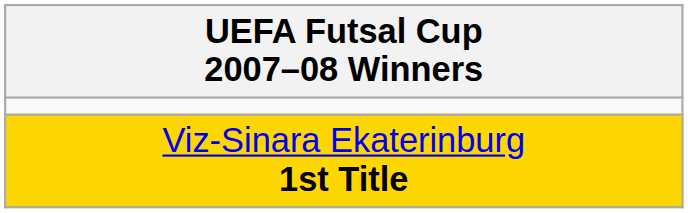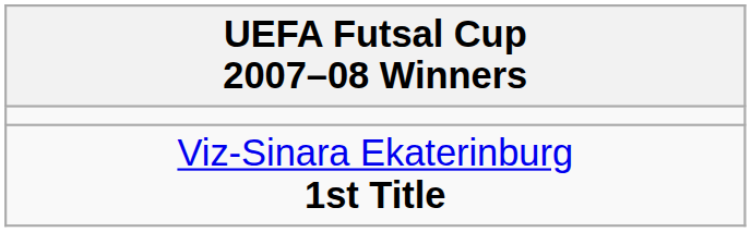 <table class="wikitable" style="text-align: center; margin: 0 auto; width: 20%">
 <tr>
 <th>UEFA Futsal Cup <br>2007–08 Winners</th>
 </tr>
 <tr>
 <td></td>
 </tr>
 <tr>
-<td style="background: gold;"><a href='#'>Viz-Sinara Ekaterinburg</a><br><strong>1st Title</strong></td>
+<td><a href='#'>Viz-Sinara Ekaterinburg</a><br><strong>1st Title</strong></td>
 </tr>
 </table>
